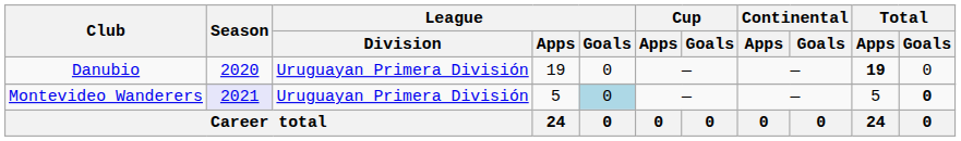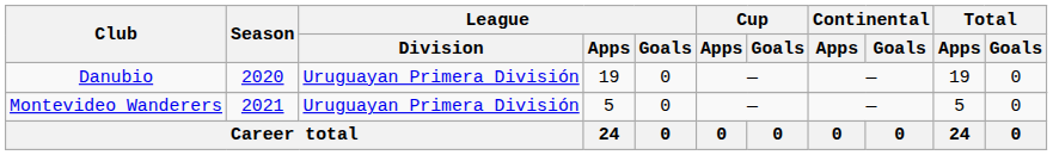 <table class="wikitable" Style="text-align: center">
 <tr>
 <th rowspan="2">Club</th>
 <th rowspan="2">Season</th>
 <th colspan="3">League</th>
 <th colspan="2">Cup</th>
 <th colspan="2">Continental</th>
 <th colspan="2">Total</th>
 </tr>
 <tr>
 <th>Division</th>
 <th>Apps</th>
 <th>Goals</th>
 <th>Apps</th>
 <th>Goals</th>
 <th>Apps</th>
 <th>Goals</th>
 <th>Apps</th>
 <th>Goals</th>
 </tr>
 <tr>
 <td rowspan="1"><a href='#'>Danubio</a></td>
 <td><a href='#'>2020</a></td>
 <td rowspan="1"><a href='#'>Uruguayan Primera División</a></td>
 <td>19</td>
 <td>0</td>
 <td colspan="2">—</td>
 <td colspan="2">—</td>
-<td><strong>19</strong></td>
+<td>19</td>
 <td>0</td>
 </tr>
 <tr>
 </tr>
 <tr>
 <td rowspan="1"><a href='#'>Montevideo Wanderers</a></td>
-<td style="background: lavender;"><a href='#'>2021</a></td>
+<td><a href='#'>2021</a></td>
 <td rowspan="1"><a href='#'>Uruguayan Primera División</a></td>
 <td>5</td>
-<td style="background: lightblue;">0</td>
+<td>0</td>
 <td colspan="2">—</td>
 <td colspan="2">—</td>
 <td>5</td>
-<td><strong>0</strong></td>
+<td>0</td>
 </tr>
 <tr>
 <th colspan="3">Career total</th>
 <th>24</th>
 <th>0</th>
 <th>0</th>
 <th>0</th>
 <th>0</th>
 <th>0</th>
 <th>24</th>
 <th>0</th>
 </tr>
 </table>
